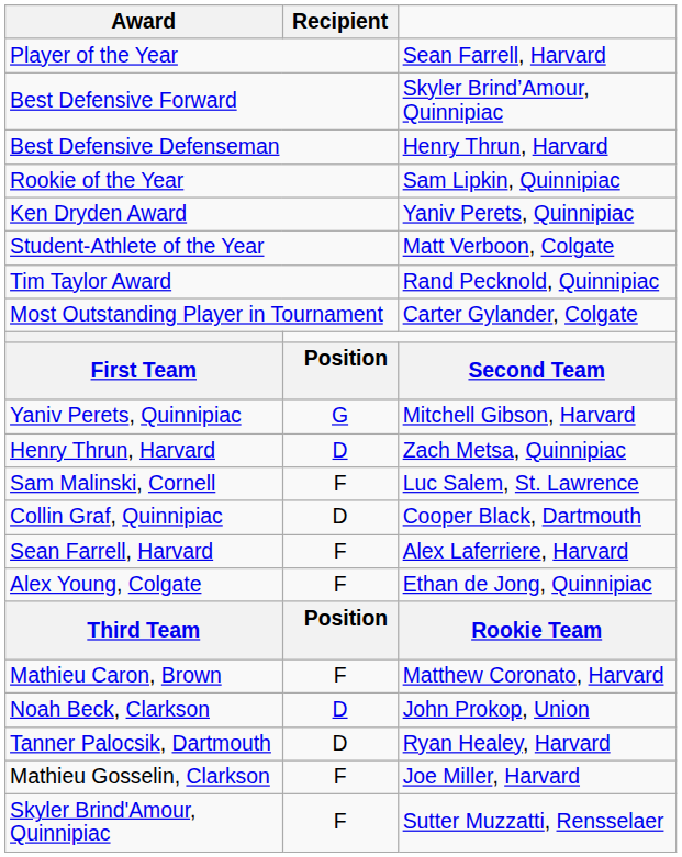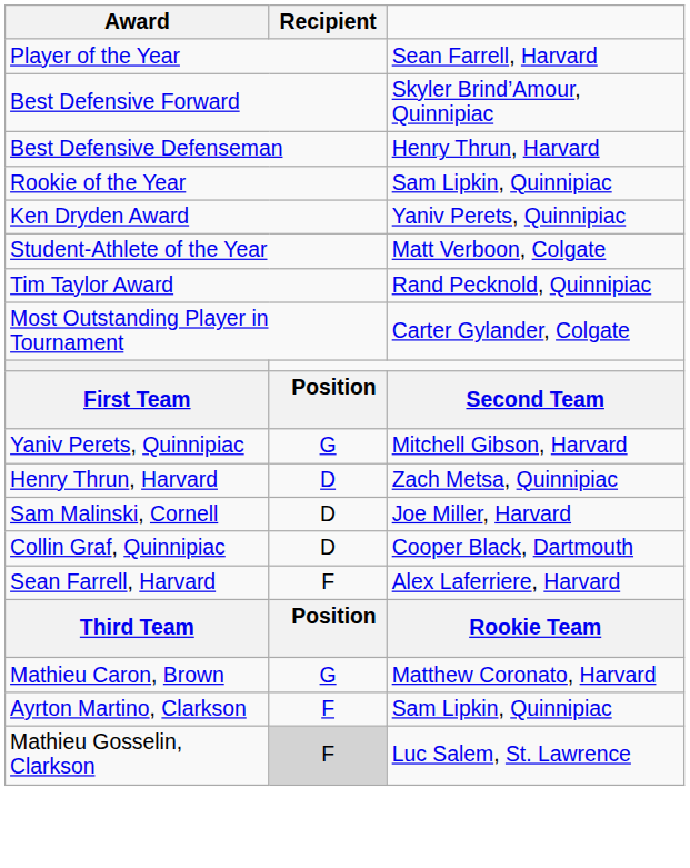 <table class="wikitable" width=40%>
 <tr>
 <th>Award</th>
 <th>Recipient </th>
 </tr>
 <tr>
 <td colspan=2><a href='#'>Player of the Year</a></td>
 <td><a href='#'>Sean Farrell</a>, <a href='#'>Harvard</a></td>
 </tr>
 <tr>
 <td colspan=2><a href='#'>Best Defensive Forward</a></td>
 <td><a href='#'>Skyler Brind’Amour</a>, <a href='#'>Quinnipiac</a></td>
 </tr>
 <tr>
 <td colspan=2><a href='#'>Best Defensive Defenseman</a></td>
 <td><a href='#'>Henry Thrun</a>, <a href='#'>Harvard</a></td>
 </tr>
 <tr>
 <td colspan=2><a href='#'>Rookie of the Year</a></td>
 <td><a href='#'>Sam Lipkin</a>, <a href='#'>Quinnipiac</a></td>
 </tr>
 <tr>
 <td colspan=2><a href='#'>Ken Dryden Award</a></td>
 <td><a href='#'>Yaniv Perets</a>, <a href='#'>Quinnipiac</a></td>
 </tr>
 <tr>
 <td colspan=2><a href='#'>Student-Athlete of the Year</a></td>
 <td><a href='#'>Matt Verboon</a>, <a href='#'>Colgate</a></td>
 </tr>
 <tr>
 <td colspan=2><a href='#'>Tim Taylor Award</a></td>
 <td><a href='#'>Rand Pecknold</a>, <a href='#'>Quinnipiac</a></td>
 </tr>
 <tr>
 <td colspan=2><a href='#'>Most Outstanding Player in Tournament</a></td>
 <td><a href='#'>Carter Gylander</a>, <a href='#'>Colgate</a></td>
 </tr>
 <tr>
 <th><a href='#'></a></th>
 </tr>
 <tr>
 <th><a href='#'>First Team</a></th>
 <th>  Position  </th>
 <th><a href='#'>Second Team</a></th>
 </tr>
 <tr>
 <td><a href='#'>Yaniv Perets</a>, <a href='#'>Quinnipiac</a></td>
 <td align=center><a href='#'>G</a></td>
 <td><a href='#'>Mitchell Gibson</a>, <a href='#'>Harvard</a></td>
 </tr>
 <tr>
 <td><a href='#'>Henry Thrun</a>, <a href='#'>Harvard</a></td>
 <td align=center><a href='#'>D</a></td>
 <td><a href='#'>Zach Metsa</a>, <a href='#'>Quinnipiac</a></td>
 </tr>
 <tr>
 <td><a href='#'>Sam Malinski</a>, <a href='#'>Cornell</a></td>
-<td align=center>F</td>
-<td><a href='#'>Luc Salem</a>, <a href='#'>St. Lawrence</a></td>
+<td align=center>D</td>
+<td><a href='#'>Joe Miller</a>, <a href='#'>Harvard</a></td>
 </tr>
 <tr>
 <td><a href='#'>Collin Graf</a>, <a href='#'>Quinnipiac</a></td>
 <td align=center>D</td>
 <td><a href='#'>Cooper Black</a>, <a href='#'>Dartmouth</a></td>
 </tr>
 <tr>
 <td><a href='#'>Sean Farrell</a>, <a href='#'>Harvard</a></td>
 <td align=center>F</td>
 <td><a href='#'>Alex Laferriere</a>, <a href='#'>Harvard</a></td>
 </tr>
 <tr>
-<td><a href='#'>Alex Young</a>, <a href='#'>Colgate</a></td>
-<td align=center>F</td>
-<td><a href='#'>Ethan de Jong</a>, <a href='#'>Quinnipiac</a></td>
-</tr>
-<tr>
 <th><a href='#'>Third Team</a></th>
 <th>  Position  </th>
 <th><a href='#'>Rookie Team</a></th>
 </tr>
 <tr>
 <td><a href='#'>Mathieu Caron</a>, <a href='#'>Brown</a></td>
-<td align=center>F</td>
+<td align=center><a href='#'>G</a></td>
 <td><a href='#'>Matthew Coronato</a>, <a href='#'>Harvard</a></td>
 </tr>
 <tr>
-<td><a href='#'>Noah Beck</a>, <a href='#'>Clarkson</a></td>
-<td align=center><a href='#'>D</a></td>
-<td><a href='#'>John Prokop</a>, <a href='#'>Union</a></td>
-</tr>
-<tr>
-<td><a href='#'>Tanner Palocsik</a>, <a href='#'>Dartmouth</a></td>
-<td align=center>D</td>
-<td><a href='#'>Ryan Healey</a>, <a href='#'>Harvard</a></td>
+<td><a href='#'>Ayrton Martino</a>, <a href='#'>Clarkson</a></td>
+<td align=center><a href='#'>F</a></td>
+<td><a href='#'>Sam Lipkin</a>, <a href='#'>Quinnipiac</a></td>
 </tr>
 <tr>
 <td>Mathieu Gosselin, <a href='#'>Clarkson</a></td>
-<td align=center>F</td>
-<td><a href='#'>Joe Miller</a>, <a href='#'>Harvard</a></td>
-</tr>
-<tr>
-<td><a href='#'>Skyler Brind'Amour</a>, <a href='#'>Quinnipiac</a></td>
-<td align=center>F</td>
-<td><a href='#'>Sutter Muzzatti</a>, <a href='#'>Rensselaer</a></td>
+<td align=center style="background: lightgrey;">F</td>
+<td><a href='#'>Luc Salem</a>, <a href='#'>St. Lawrence</a></td>
 </tr>
 </table>
